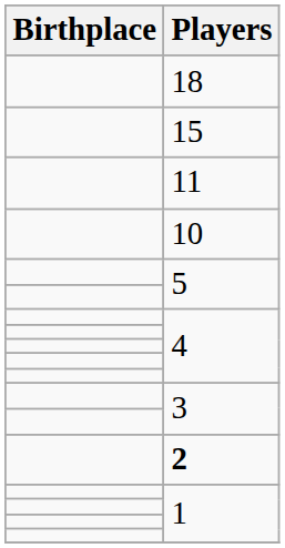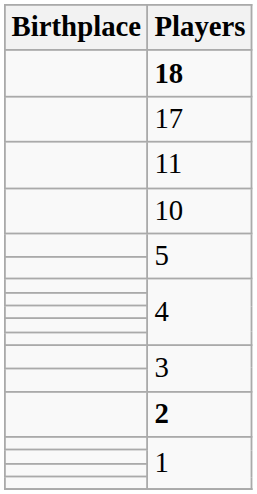 <table class="wikitable sortable">
 <tr>
 <th>Birthplace</th>
 <th>Players</th>
 </tr>
 <tr>
 <td></td>
-<td rowspan=1>18</td>
+<td rowspan=1><strong>18</strong></td>
 </tr>
 <tr>
 <td></td>
-<td rowspan=1>15</td>
+<td rowspan=1>17</td>
 </tr>
 <tr>
 <td></td>
 <td rowspan=1>11</td>
 </tr>
 <tr>
 <td></td>
 <td rowspan=1>10</td>
 </tr>
 <tr>
 <td></td>
 <td rowspan=2>5</td>
 </tr>
 <tr>
 <td></td>
 </tr>
 <tr>
 <td></td>
 <td rowspan=5>4</td>
 </tr>
 <tr>
 <td></td>
 </tr>
 <tr>
 <td></td>
 </tr>
 <tr>
 <td></td>
 </tr>
 <tr>
 <td></td>
 </tr>
 <tr>
 <td></td>
 <td rowspan=2>3</td>
 </tr>
 <tr>
 <td></td>
 </tr>
 <tr>
 <td></td>
 <td rowspan=1><strong>2</strong></td>
 </tr>
 <tr>
 <td></td>
 <td rowspan=4>1</td>
 </tr>
 <tr>
 <td></td>
 </tr>
 <tr>
 <td></td>
 </tr>
 <tr>
 <td></td>
 </tr>
 <tr>
 </tr>
 </table>
